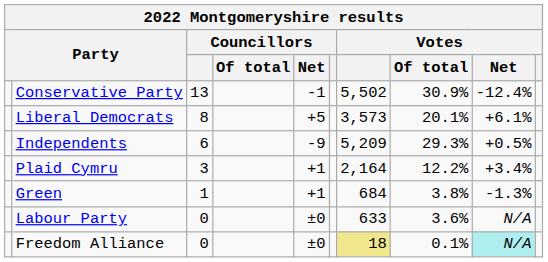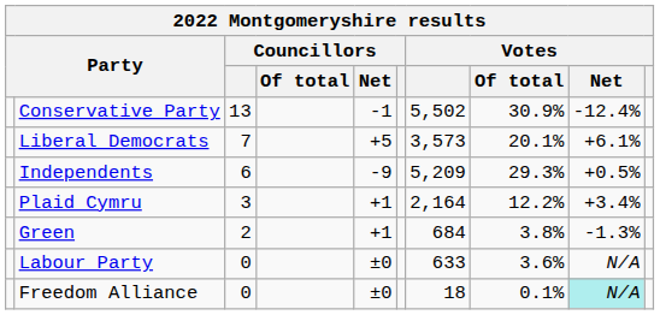 <table class="wikitable sortable" style="text-align:center;">
 <tr>
 <th colspan="10">2022 Montgomeryshire results </th>
 </tr>
 <tr>
 <th colspan="2" rowspan="2">Party</th>
 <th colspan="4">Councillors</th>
 <th colspan="4">Votes</th>
 </tr>
 <tr>
 <th></th>
 <th>Of total</th>
 <th>Net</th>
 <th class="unsortable"></th>
 <th></th>
 <th>Of total</th>
 <th>Net</th>
 <th class="unsortable"></th>
 </tr>
 <tr>
 <td style="background:"></td>
 <td style="text-align:left;"><a href='#'>Conservative Party</a></td>
 <td style="text-align:right;">13</td>
 <td style="text-align:right;"></td>
 <td style="text-align:right;">-1</td>
 <td data-sort-value=""></td>
 <td style="text-align:right;">5,502</td>
 <td style="text-align:right;">30.9%</td>
 <td style="text-align:right;">-12.4%</td>
 <td></td>
 </tr>
 <tr>
 <td style="background:"></td>
 <td style="text-align:left;"><a href='#'>Liberal Democrats</a></td>
-<td style="text-align:right;">8</td>
+<td style="text-align:right;">7</td>
 <td style="text-align:right;"></td>
 <td style="text-align:right;">+5</td>
 <td data-sort-value=""></td>
 <td style="text-align:right;">3,573</td>
 <td style="text-align:right;">20.1%</td>
 <td style="text-align:right;">+6.1%</td>
 <td></td>
 </tr>
 <tr>
 <td style="background:"></td>
 <td style="text-align:left;"><a href='#'>Independents</a></td>
 <td style="text-align:right;">6</td>
 <td style="text-align:right;"></td>
 <td style="text-align:right;">-9</td>
 <td data-sort-value=""></td>
 <td style="text-align:right;">5,209</td>
 <td style="text-align:right;">29.3%</td>
 <td style="text-align:right;">+0.5%</td>
 <td></td>
 </tr>
 <tr>
 <td style="background:"></td>
 <td style="text-align:left;"><a href='#'>Plaid Cymru</a></td>
 <td style="text-align:right;">3</td>
 <td style="text-align:right;"></td>
 <td style="text-align:right;">+1</td>
 <td data-sort-value=""></td>
 <td style="text-align:right;">2,164</td>
 <td style="text-align:right;">12.2%</td>
 <td style="text-align:right;">+3.4%</td>
 <td></td>
 </tr>
 <tr>
 <td style="background:"></td>
 <td style="text-align:left;"><a href='#'>Green</a></td>
-<td style="text-align:right;">1</td>
+<td style="text-align:right;">2</td>
 <td style="text-align:right;"></td>
 <td style="text-align:right;">+1</td>
 <td data-sort-value=""></td>
 <td style="text-align:right;">684</td>
 <td style="text-align:right;">3.8%</td>
 <td style="text-align:right;">-1.3%</td>
 <td></td>
 </tr>
 <tr>
 <td style="background:"></td>
 <td style="text-align:left;"><a href='#'>Labour Party</a></td>
 <td style="text-align:right;">0</td>
 <td style="text-align:right;"></td>
 <td style="text-align:right;">±0</td>
 <td data-sort-value=""></td>
 <td style="text-align:right;">633</td>
 <td style="text-align:right;">3.6%</td>
 <td style="text-align:right;"><em>N/A</em></td>
 <td></td>
 </tr>
 <tr>
 <td style="background:"></td>
 <td style="text-align:left;">Freedom Alliance</td>
 <td style="text-align:right;">0</td>
 <td style="text-align:right;"></td>
 <td style="text-align:right;">±0</td>
 <td data-sort-value=""></td>
-<td style="background: khaki; text-align:right;">18</td>
+<td style="text-align:right;">18</td>
 <td style="text-align:right;">0.1%</td>
 <td style="background: paleturquoise; text-align:right;"><em>N/A</em></td>
 <td></td>
 </tr>
 </table>
